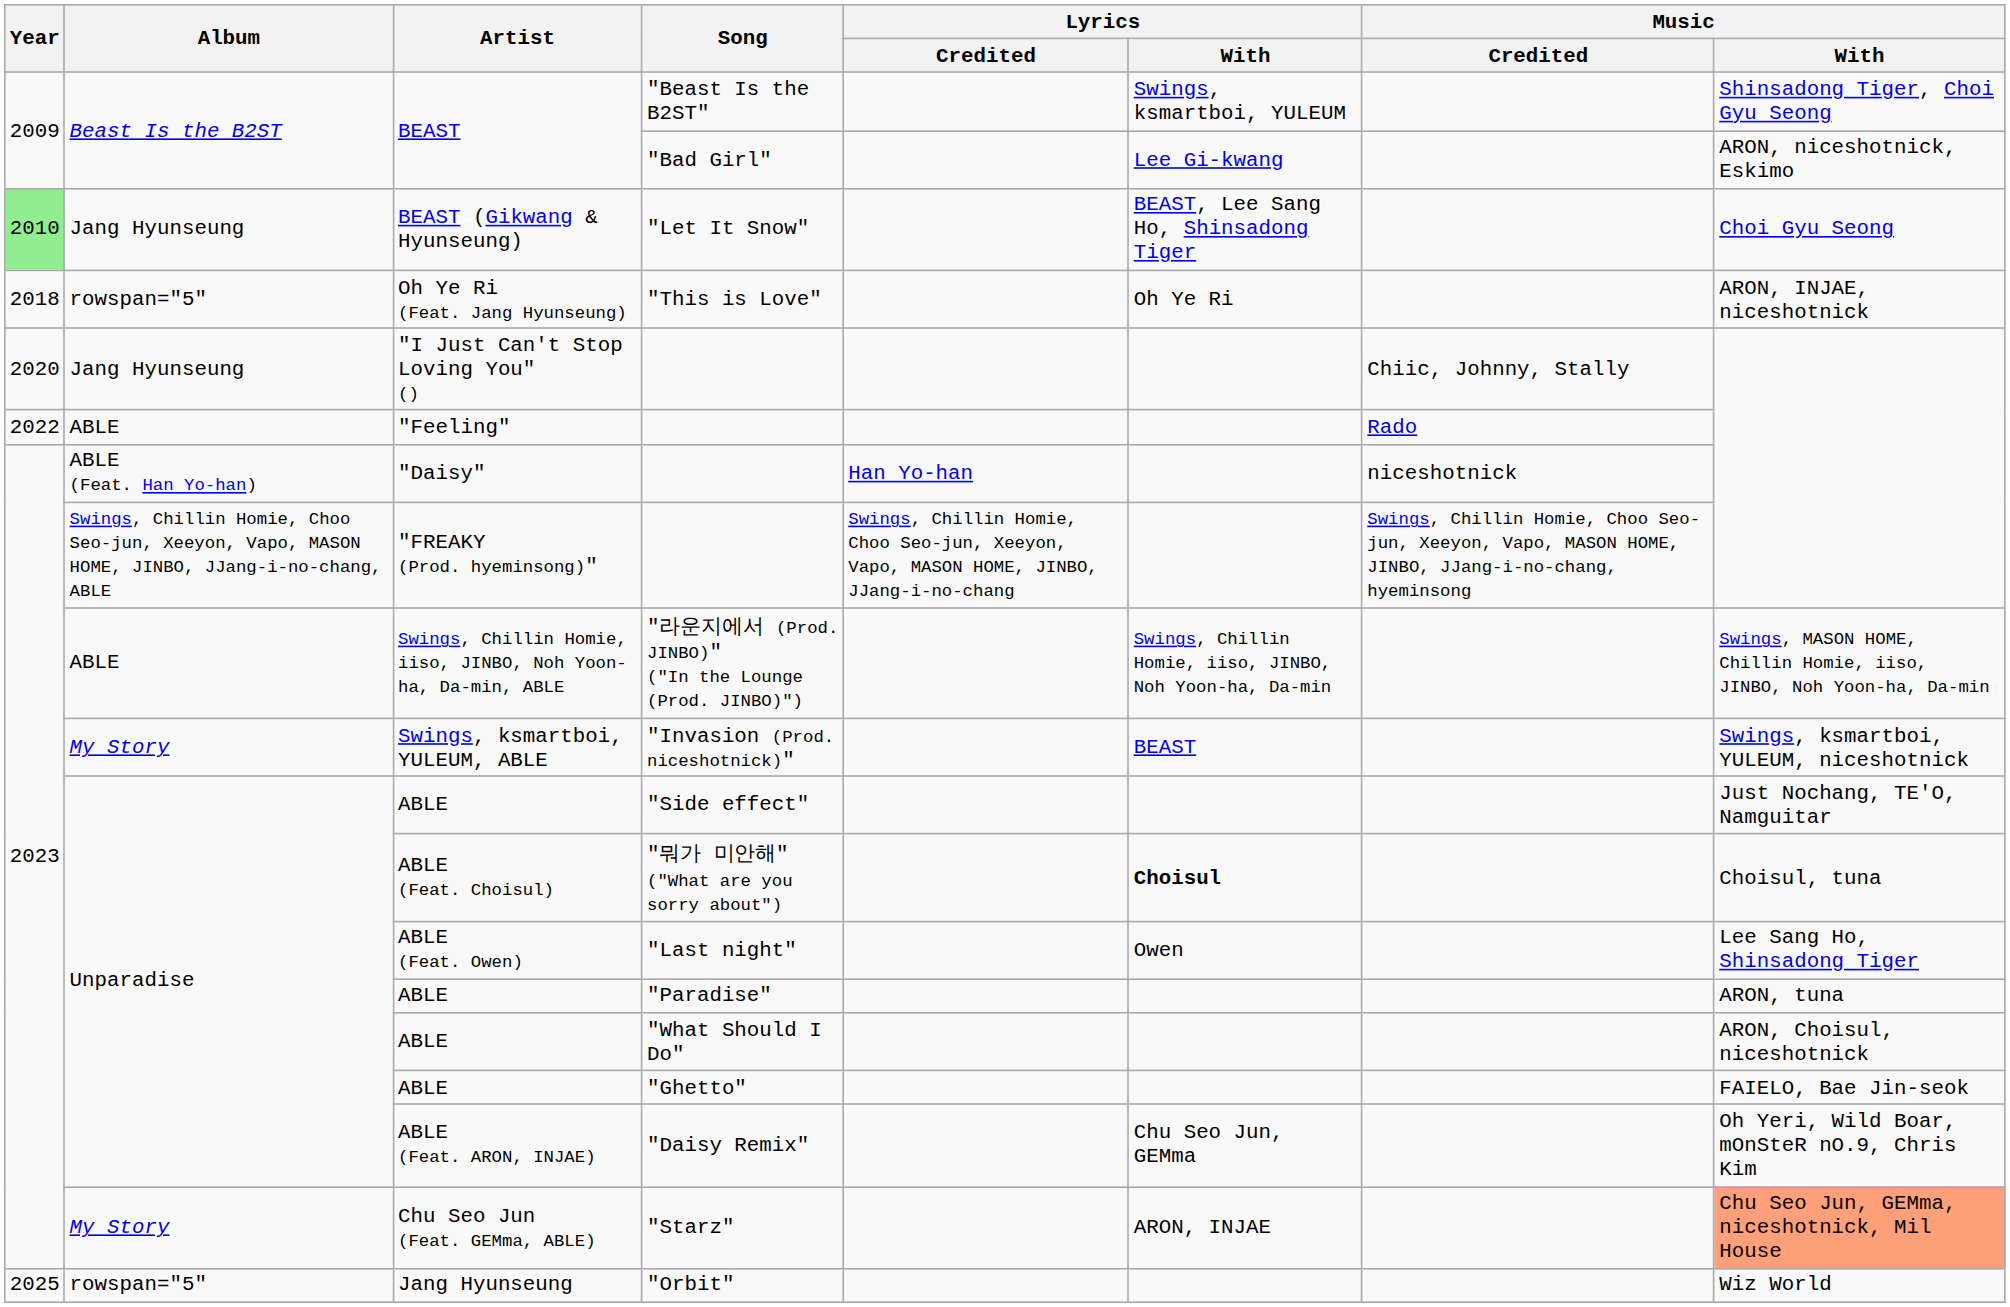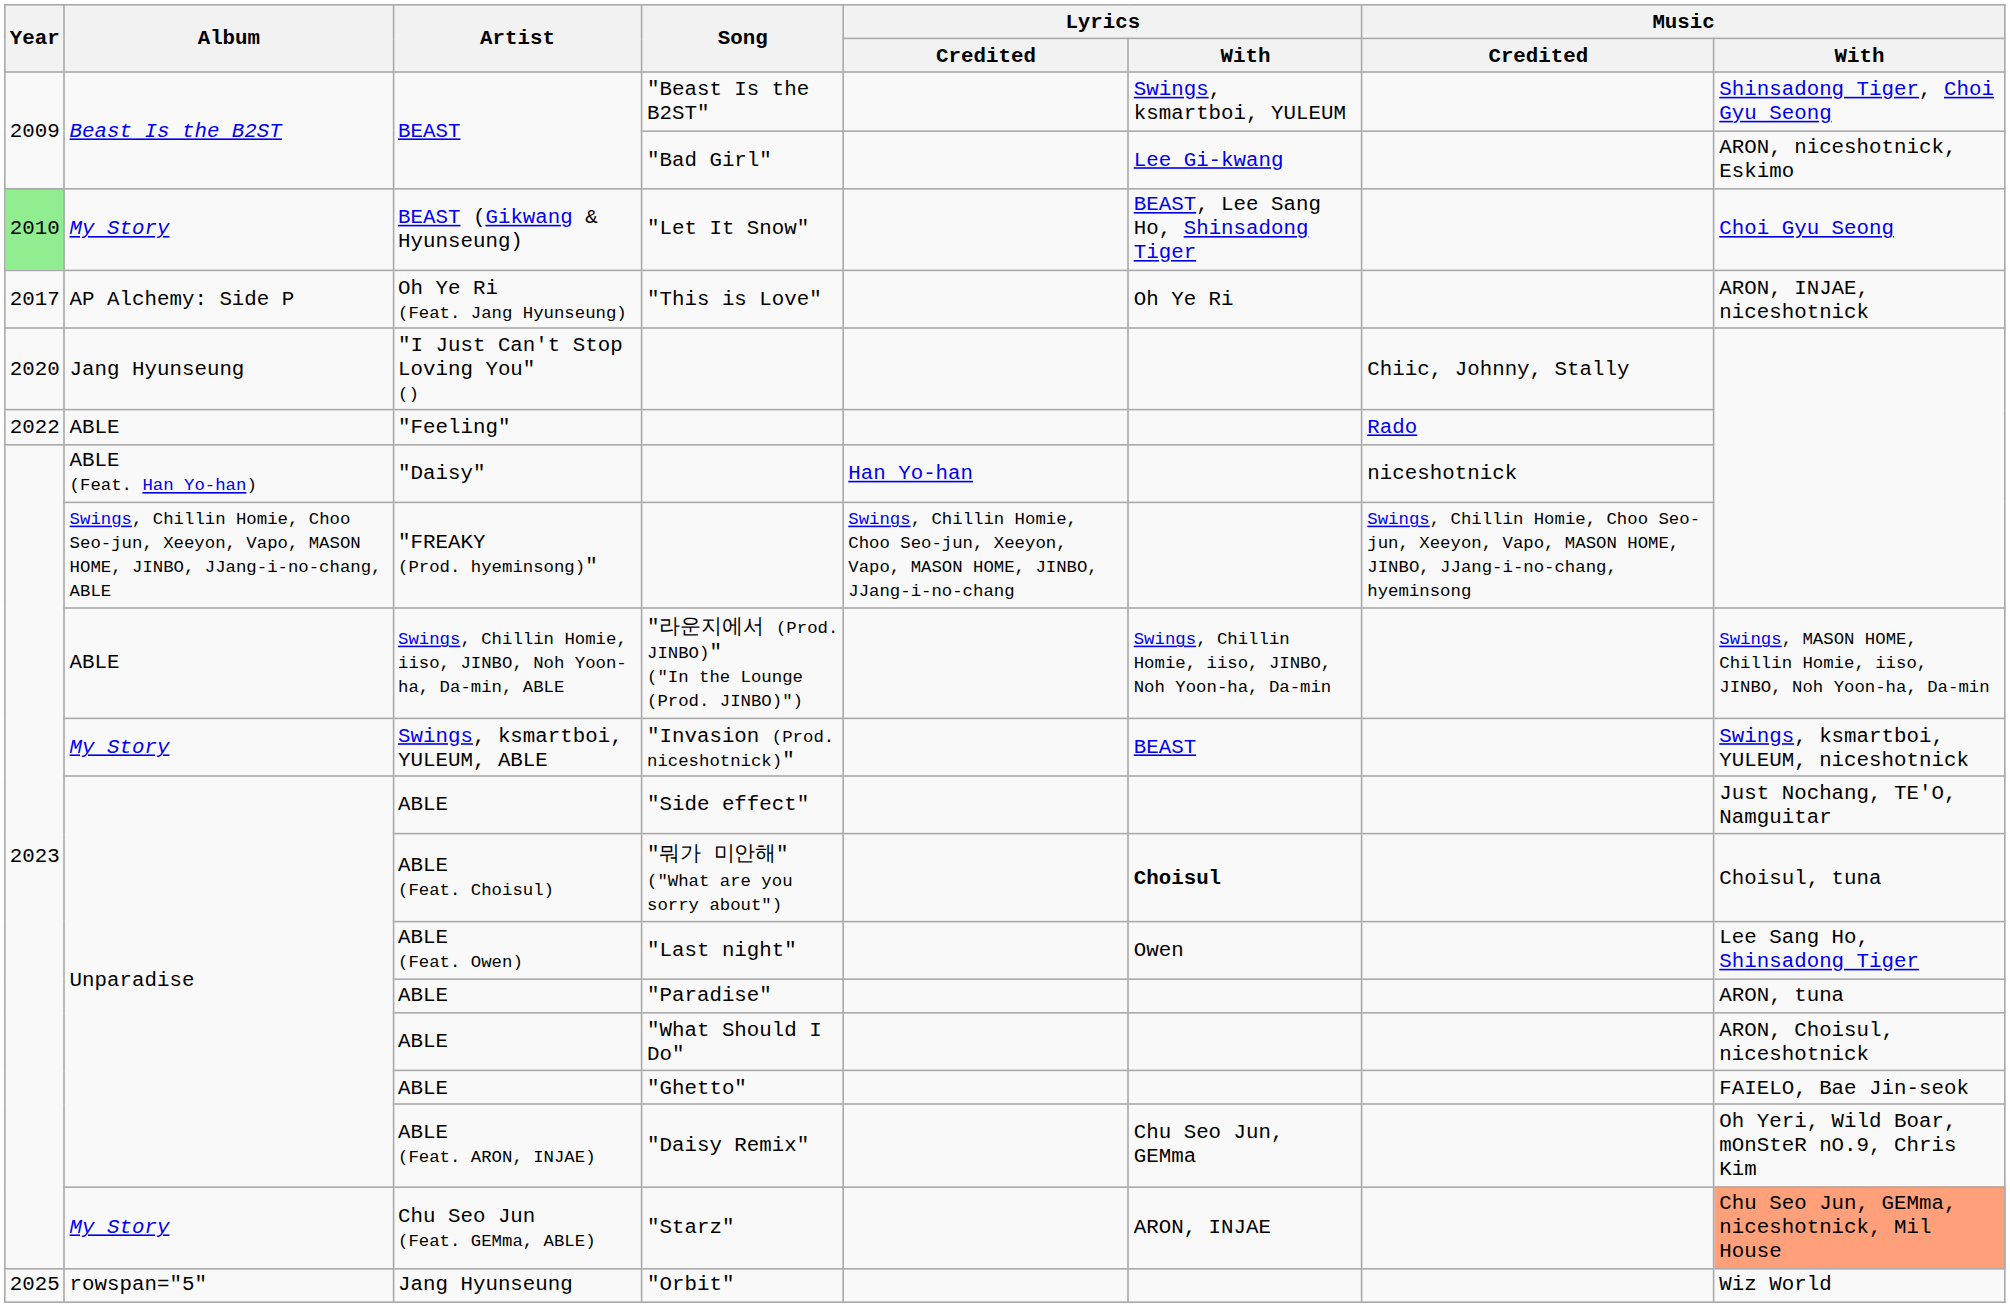 <table class="wikitable">
 <tr>
 <th rowspan="2">Year</th>
 <th rowspan="2">Album</th>
 <th rowspan="2">Artist</th>
 <th rowspan="2">Song</th>
 <th colspan="2">Lyrics</th>
 <th colspan="2">Music</th>
 </tr>
 <tr>
 <th>Credited</th>
 <th>With</th>
 <th>Credited</th>
 <th>With</th>
 </tr>
 <tr>
 <td rowspan="2">2009</td>
 <td rowspan="2"><em><a href='#'>Beast Is the B2ST</a></em></td>
 <td rowspan="2"><a href='#'>BEAST</a></td>
 <td>"Beast Is the B2ST"</td>
 <td></td>
 <td><a href='#'>Swings</a>, ksmartboi, YULEUM</td>
 <td></td>
 <td><a href='#'>Shinsadong Tiger</a>, <a href='#'>Choi Gyu Seong</a></td>
 </tr>
 <tr>
 <td>"Bad Girl"</td>
 <td></td>
 <td><a href='#'>Lee Gi-kwang</a></td>
 <td></td>
 <td>ARON, niceshotnick, Eskimo</td>
 </tr>
 <tr>
 <td style="background: lightgreen;">2010</td>
-<td>Jang Hyunseung</td>
+<td><em><a href='#'>My Story</a></em></td>
 <td><a href='#'>BEAST</a> (<a href='#'>Gikwang</a> & Hyunseung)</td>
 <td>"Let It Snow"</td>
 <td></td>
 <td><a href='#'>BEAST</a>, Lee Sang Ho, <a href='#'>Shinsadong Tiger</a></td>
 <td></td>
 <td><a href='#'>Choi Gyu Seong</a></td>
 </tr>
 <tr>
-<td>2018</td>
-<td>rowspan="5"</td>
+<td>2017</td>
+<td>AP Alchemy: Side P</td>
 <td>Oh Ye Ri<br><small>(Feat. Jang Hyunseung)</small></td>
 <td>"This is Love"</td>
 <td></td>
 <td>Oh Ye Ri</td>
 <td></td>
 <td>ARON, INJAE, niceshotnick</td>
 </tr>
 <tr>
 <td>2020</td>
 <td>Jang Hyunseung</td>
 <td>"I Just Can't Stop Loving You"<br><small>()</small></td>
 <td></td>
 <td></td>
 <td></td>
 <td>Chiic, Johnny, Stally</td>
 </tr>
 <tr>
 <td>2022</td>
 <td>ABLE</td>
 <td>"Feeling"</td>
 <td></td>
 <td></td>
 <td></td>
 <td><a href='#'>Rado</a></td>
 </tr>
 <tr>
 <td rowspan="12">2023</td>
 <td>ABLE <br><small>(Feat. <a href='#'>Han Yo-han</a>)</small></td>
 <td>"Daisy"</td>
 <td></td>
 <td><a href='#'>Han Yo-han</a></td>
 <td></td>
 <td>niceshotnick</td>
 </tr>
 <tr>
 <td><small><a href='#'>Swings</a>, Chillin Homie, Choo Seo-jun, Xeeyon, Vapo, MASON HOME, JINBO, JJang-i-no-chang, ABLE</small></td>
 <td>"FREAKY <br><small>(Prod. hyeminsong)</small>"</td>
 <td></td>
 <td><small><a href='#'>Swings</a>, Chillin Homie, Choo Seo-jun, Xeeyon, Vapo, MASON HOME, JINBO, JJang-i-no-chang</small></td>
 <td></td>
 <td><small><a href='#'>Swings</a>, Chillin Homie, Choo Seo-jun, Xeeyon, Vapo, MASON HOME, JINBO, JJang-i-no-chang, hyeminsong</small></td>
 </tr>
 <tr>
 <td>ABLE</td>
 <td><small><a href='#'>Swings</a>, Chillin Homie, iiso, JINBO, Noh Yoon-ha, Da-min, ABLE</small></td>
 <td>"라운지에서 <small>(Prod. JINBO)</small>"<br><small>("In the Lounge (Prod. JINBO)")</small></td>
 <td></td>
 <td><small><a href='#'>Swings</a>, Chillin Homie, iiso, JINBO, Noh Yoon-ha, Da-min</small></td>
 <td></td>
 <td><small><a href='#'>Swings</a>, MASON HOME, Chillin Homie, iiso, JINBO, Noh Yoon-ha, Da-min</small></td>
 </tr>
 <tr>
 <td><em><a href='#'>My Story</a></em></td>
 <td><a href='#'>Swings</a>, ksmartboi, YULEUM, ABLE</td>
 <td>"Invasion <small>(Prod. niceshotnick)</small>"</td>
 <td></td>
 <td><a href='#'>BEAST</a></td>
 <td></td>
 <td><a href='#'>Swings</a>, ksmartboi, YULEUM, niceshotnick</td>
 </tr>
 <tr>
 <td rowspan="7">Unparadise</td>
 <td>ABLE</td>
 <td>"Side effect"</td>
 <td></td>
 <td></td>
 <td></td>
 <td>Just Nochang, TE'O, Namguitar</td>
 </tr>
 <tr>
 <td>ABLE<br><small>(Feat. Choisul)</small></td>
 <td>"뭐가 미안해"<br><small>("What are you sorry about")</small></td>
 <td></td>
 <td><strong>Choisul</strong></td>
 <td></td>
 <td>Choisul, tuna</td>
 </tr>
 <tr>
 <td>ABLE<br><small>(Feat. Owen)</small></td>
 <td>"Last night"</td>
 <td></td>
 <td>Owen</td>
 <td></td>
 <td>Lee Sang Ho, <a href='#'>Shinsadong Tiger</a></td>
 </tr>
 <tr>
 <td>ABLE</td>
 <td>"Paradise"</td>
 <td></td>
 <td></td>
 <td></td>
 <td>ARON, tuna</td>
 </tr>
 <tr>
 <td>ABLE</td>
 <td>"What Should I Do"</td>
 <td></td>
 <td></td>
 <td></td>
 <td>ARON, Choisul, niceshotnick</td>
 </tr>
 <tr>
 <td>ABLE</td>
 <td>"Ghetto"</td>
 <td></td>
 <td></td>
 <td></td>
 <td>FAIELO, Bae Jin-seok</td>
 </tr>
 <tr>
 <td>ABLE<br><small>(Feat. ARON, INJAE)</small></td>
 <td>"Daisy Remix"</td>
 <td></td>
 <td>Chu Seo Jun, GEMma</td>
 <td></td>
 <td>Oh Yeri, Wild Boar, mOnSteR nO.9, Chris Kim</td>
 </tr>
 <tr>
 <td><em><a href='#'>My Story</a></em></td>
 <td>Chu Seo Jun<br><small>(Feat. GEMma, ABLE)</small></td>
 <td>"Starz"</td>
 <td></td>
 <td>ARON, INJAE</td>
 <td></td>
 <td style="background: lightsalmon;">Chu Seo Jun, GEMma, niceshotnick, Mil House</td>
 </tr>
 <tr>
 <td>2025</td>
 <td>rowspan="5"</td>
 <td>Jang Hyunseung</td>
 <td>"Orbit"</td>
 <td></td>
 <td></td>
 <td></td>
 <td>Wiz World</td>
 </tr>
 <tr>
 </tr>
 </table>
